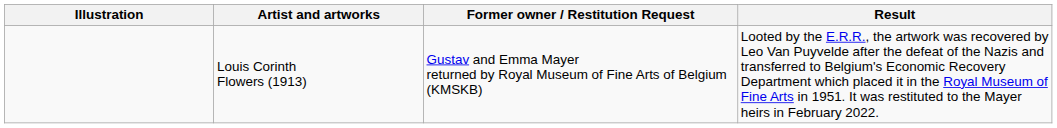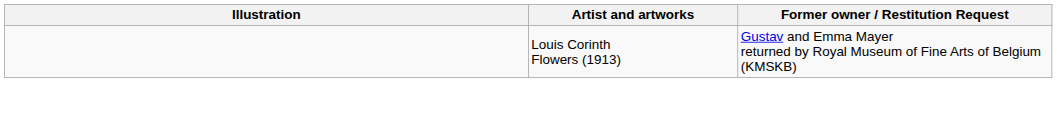 <table class="wikitable alternance centre">
 <tr>
 <th class="unsortable" width="20">Illustration</th>
 <th width="20%">Artist and artworks</th>
 <th width="30%">Former owner / Restitution Request</th>
-<th width="30%">Result</th>
 </tr>
 <tr>
 <td></td>
 <td>Louis Corinth<br>Flowers (1913)</td>
 <td><a href='#'>Gustav</a> and Emma Mayer<br>returned by Royal Museum of Fine Arts of Belgium (KMSKB)</td>
-<td>Looted by the <a href='#'>E.R.R.</a>, the artwork was recovered by Leo Van Puyvelde after the defeat of the Nazis and transferred to Belgium's Economic Recovery Department which placed it in the <a href='#'>Royal Museum of Fine Arts</a> in 1951. It was restituted to the Mayer heirs in February 2022.</td>
 </tr>
 </table>
